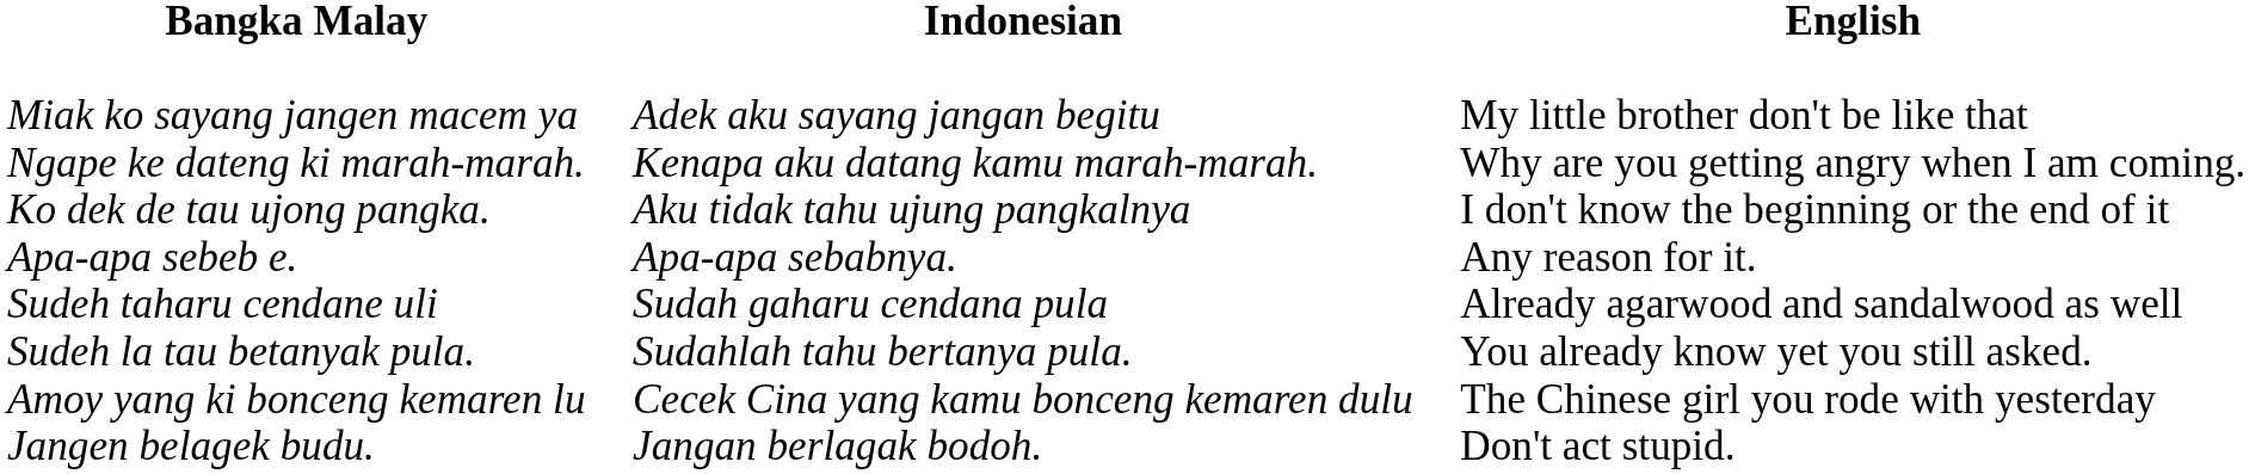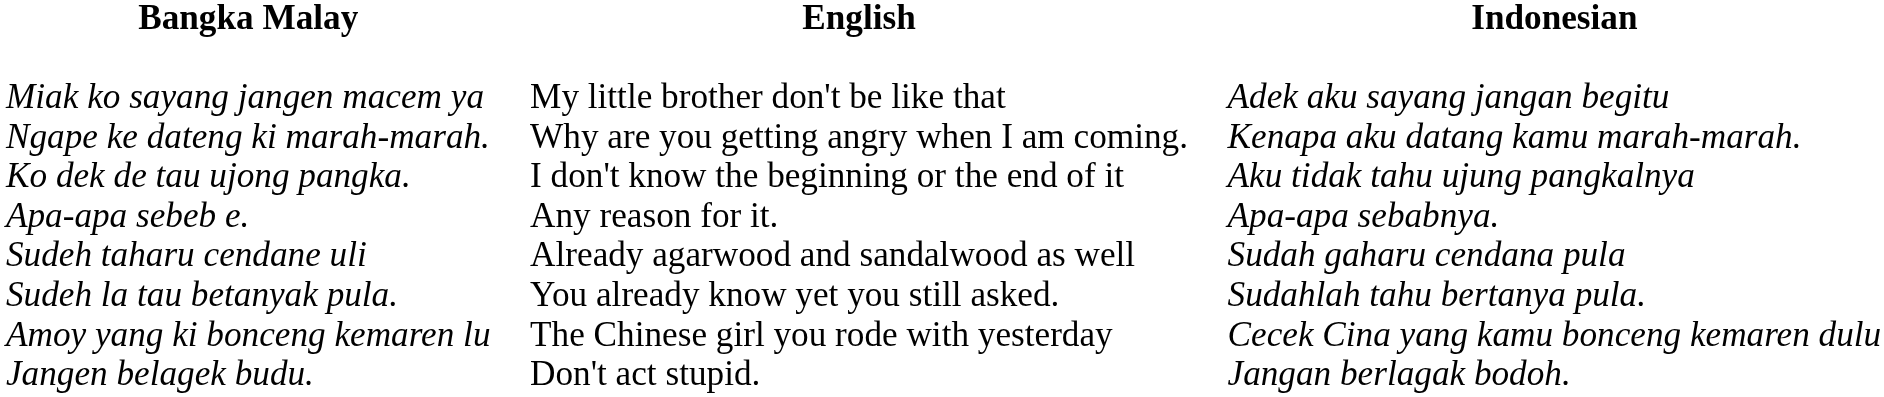 <table cellpadding="8">
 <tr>
 <th>Bangka Malay</th>
+<th>English</th>
 <th>Indonesian</th>
-<th>English</th>
 </tr>
 <tr style="vertical-align:top; white-space:nowrap;">
 <td><em>Miak ko sayang jangen macem ya</em><br><em>Ngape ke dateng ki marah-marah.</em><br><em>Ko dek de tau ujong pangka.</em><br><em>Apa-apa sebeb e.</em><br><em>Sudeh taharu cendane uli</em><br><em>Sudeh la tau betanyak pula.</em><br><em>Amoy yang ki bonceng kemaren lu</em><br><em>Jangen belagek budu.</em></td>
+<td>My little brother don't be like that<br>Why are you getting angry when I am coming.<br>I don't know the beginning or the end of it<br>Any reason for it.<br>Already agarwood and sandalwood as well<br>You already know yet you still asked.<br>The Chinese girl you rode with yesterday<br>Don't act stupid.</td>
 <td><em>Adek aku sayang jangan begitu</em><br><em>Kenapa aku datang kamu marah-marah.</em><br><em>Aku tidak tahu ujung pangkalnya</em><br><em>Apa-apa sebabnya.</em><br><em>Sudah gaharu cendana pula</em><br><em>Sudahlah tahu bertanya pula.</em><br><em>Cecek Cina yang kamu bonceng kemaren dulu</em><br><em>Jangan berlagak bodoh.</em></td>
-<td>My little brother don't be like that<br>Why are you getting angry when I am coming.<br>I don't know the beginning or the end of it<br>Any reason for it.<br>Already agarwood and sandalwood as well<br>You already know yet you still asked.<br>The Chinese girl you rode with yesterday<br>Don't act stupid.</td>
 </tr>
 </table>
